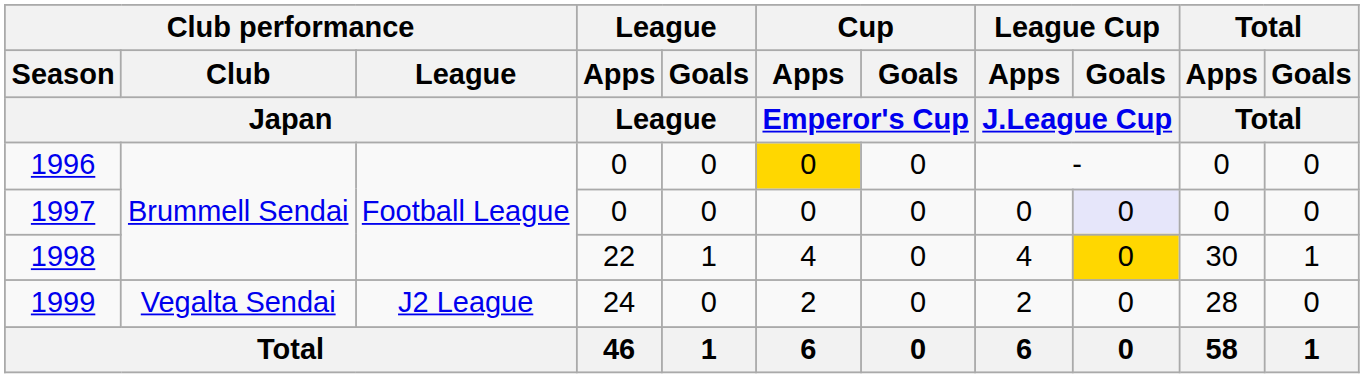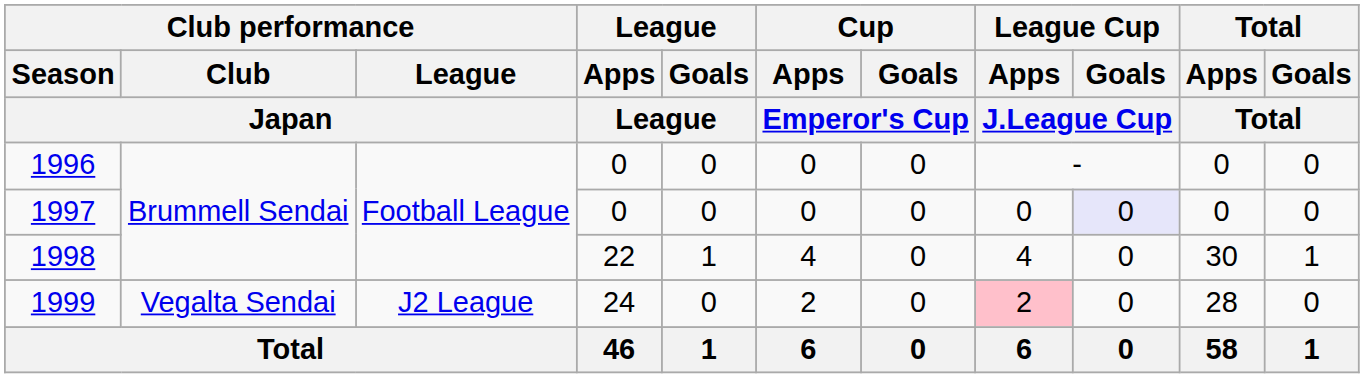 <table class="wikitable" style="text-align:center;">
 <tr>
 <th colspan=3>Club performance</th>
 <th colspan=2>League</th>
 <th colspan=2>Cup</th>
 <th colspan=2>League Cup</th>
 <th colspan=2>Total</th>
 </tr>
 <tr>
 <th>Season</th>
 <th>Club</th>
 <th>League</th>
 <th>Apps</th>
 <th>Goals</th>
 <th>Apps</th>
 <th>Goals</th>
 <th>Apps</th>
 <th>Goals</th>
 <th>Apps</th>
 <th>Goals</th>
 </tr>
 <tr>
 <th colspan=3>Japan</th>
 <th colspan=2>League</th>
 <th colspan=2><a href='#'>Emperor's Cup</a></th>
 <th colspan=2><a href='#'>J.League Cup</a></th>
 <th colspan=2>Total</th>
 </tr>
 <tr>
 <td><a href='#'>1996</a></td>
 <td rowspan="3"><a href='#'>Brummell Sendai</a></td>
 <td rowspan="3"><a href='#'>Football League</a></td>
 <td>0</td>
 <td>0</td>
-<td style="background: gold;">0</td>
+<td>0</td>
 <td>0</td>
 <td colspan="2">-</td>
 <td>0</td>
 <td>0</td>
 </tr>
 <tr>
 <td><a href='#'>1997</a></td>
 <td>0</td>
 <td>0</td>
 <td>0</td>
 <td>0</td>
 <td>0</td>
 <td style="background: lavender;">0</td>
 <td>0</td>
 <td>0</td>
 </tr>
 <tr>
 <td><a href='#'>1998</a></td>
 <td>22</td>
 <td>1</td>
 <td>4</td>
 <td>0</td>
 <td>4</td>
-<td style="background: gold;">0</td>
+<td>0</td>
 <td>30</td>
 <td>1</td>
 </tr>
 <tr>
 <td><a href='#'>1999</a></td>
 <td><a href='#'>Vegalta Sendai</a></td>
 <td><a href='#'>J2 League</a></td>
 <td>24</td>
 <td>0</td>
 <td>2</td>
 <td>0</td>
-<td>2</td>
+<td style="background: pink;">2</td>
 <td>0</td>
 <td>28</td>
 <td>0</td>
 </tr>
 <tr>
 <th colspan=3>Total</th>
 <th>46</th>
 <th>1</th>
 <th>6</th>
 <th>0</th>
 <th>6</th>
 <th>0</th>
 <th>58</th>
 <th>1</th>
 </tr>
 </table>
